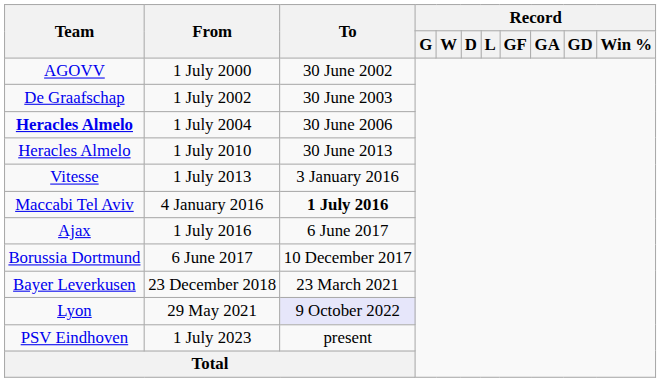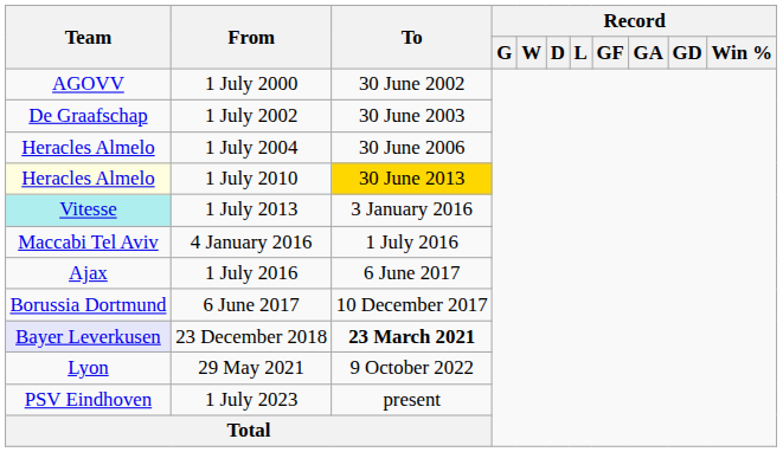 <table class="wikitable" style="text-align: center">
 <tr>
 <th rowspan="2">Team</th>
 <th rowspan="2">From</th>
 <th rowspan="2">To</th>
 <th colspan="8">Record</th>
 </tr>
 <tr>
 <th>G</th>
 <th>W</th>
 <th>D</th>
 <th>L</th>
 <th>GF</th>
 <th>GA</th>
 <th>GD</th>
 <th>Win %</th>
 </tr>
 <tr>
 <td><a href='#'>AGOVV</a></td>
 <td>1 July 2000</td>
 <td>30 June 2002<br></td>
 </tr>
 <tr>
 <td><a href='#'>De Graafschap</a></td>
 <td>1 July 2002</td>
 <td>30 June 2003<br></td>
 </tr>
 <tr>
-<td><strong><a href='#'>Heracles Almelo</a></strong></td>
+<td><a href='#'>Heracles Almelo</a></td>
 <td>1 July 2004</td>
 <td>30 June 2006<br></td>
 </tr>
 <tr>
-<td><a href='#'>Heracles Almelo</a></td>
+<td style="background: lightyellow;"><a href='#'>Heracles Almelo</a></td>
 <td>1 July 2010</td>
-<td>30 June 2013<br></td>
+<td style="background: gold;">30 June 2013<br></td>
 </tr>
 <tr>
-<td><a href='#'>Vitesse</a></td>
+<td style="background: paleturquoise;"><a href='#'>Vitesse</a></td>
 <td>1 July 2013</td>
 <td>3 January 2016<br></td>
 </tr>
 <tr>
 <td><a href='#'>Maccabi Tel Aviv</a></td>
 <td>4 January 2016</td>
-<td><strong>1 July 2016<br></strong></td>
+<td>1 July 2016<br></td>
 </tr>
 <tr>
 <td><a href='#'>Ajax</a></td>
 <td>1 July 2016</td>
 <td>6 June 2017<br></td>
 </tr>
 <tr>
 <td><a href='#'>Borussia Dortmund</a></td>
 <td>6 June 2017</td>
 <td>10 December 2017<br></td>
 </tr>
 <tr>
-<td><a href='#'>Bayer Leverkusen</a></td>
+<td style="background: lavender;"><a href='#'>Bayer Leverkusen</a></td>
 <td>23 December 2018</td>
-<td>23 March 2021<br></td>
+<td><strong>23 March 2021<br></strong></td>
 </tr>
 <tr>
 <td><a href='#'>Lyon</a></td>
 <td>29 May 2021</td>
-<td style="background: lavender;">9 October 2022<br></td>
+<td>9 October 2022<br></td>
 </tr>
 <tr>
 <td><a href='#'>PSV Eindhoven</a></td>
 <td>1 July 2023</td>
 <td>present<br></td>
 </tr>
 <tr>
 <th colspan="3">Total<br></th>
 </tr>
 </table>
